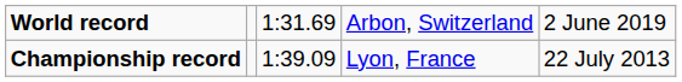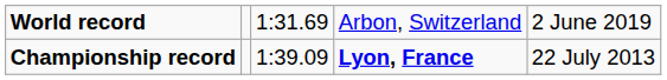 <table class="wikitable">
 <tr>
 <td><strong>World record</strong></td>
 <td></td>
 <td>1:31.69</td>
 <td><a href='#'>Arbon</a>, <a href='#'>Switzerland</a></td>
 <td>2 June 2019</td>
 </tr>
 <tr>
 <td><strong>Championship record</strong></td>
 <td></td>
 <td>1:39.09</td>
-<td><a href='#'>Lyon</a>, <a href='#'>France</a></td>
+<td><strong><a href='#'>Lyon</a>, <a href='#'>France</a></strong></td>
 <td>22 July 2013</td>
 </tr>
 </table>
